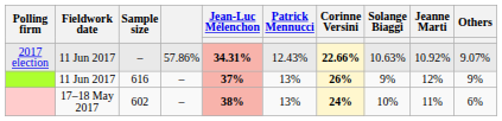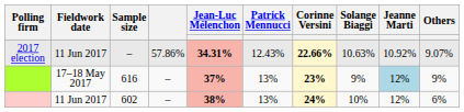 <table class="wikitable sortable" style="text-align:center;font-size:90%;line-height:14px;">
 <tr style="height:40px;">
 <th style="width:100px;" rowspan="2">Polling firm</th>
 <th style="width:110px;" rowspan="2">Fieldwork date</th>
 <th style="width:35px;" rowspan="2">Sample<br>size</th>
 <th style="width:30px;" rowspan="2"></th>
 <th class="unsortable" style="width:60px;"><a href='#'>Jean-Luc Mélenchon</a><br></th>
 <th class="unsortable" style="width:60px;"><a href='#'>Patrick Mennucci</a><br></th>
 <th class="unsortable" style="width:60px;">Corinne Versini<br></th>
 <th class="unsortable" style="width:60px;">Solange Biaggi<br></th>
 <th class="unsortable" style="width:60px;">Jeanne Marti<br></th>
 <th class="unsortable" style="width:60px;">Others</th>
 </tr>
 <tr>
 <th style="background:"></th>
 <th style="background:"></th>
 <th style="background:"></th>
 <th style="background:"></th>
 <th style="background:"></th>
 <th style="background:"></th>
 </tr>
 <tr style="background:#E9E9E9;">
 <td><a href='#'>2017 election</a></td>
 <td data-sort-value="2017-06-11">11 Jun 2017</td>
 <td>–</td>
 <td>57.86%</td>
 <td style="background:#F8B3AB;"><strong>34.31%</strong></td>
 <td>12.43%</td>
 <td style="background:#FFF7CE;"><strong>22.66%</strong></td>
 <td>10.63%</td>
 <td>10.92%</td>
 <td>9.07%</td>
 </tr>
 <tr>
 <td style="background:GreenYellow;"></td>
-<td data-sort-value="2017-06-11">11 Jun 2017</td>
+<td data-sort-value="2017-05-18">17–18 May 2017</td>
 <td>616</td>
 <td>–</td>
 <td style="background:#F8B3AB;"><strong>37%</strong></td>
 <td>13%</td>
-<td style="background:#FFF7CE;"><strong>26%</strong></td>
+<td style="background:#FFF7CE;"><strong>23%</strong></td>
 <td>9%</td>
-<td>12%</td>
+<td style="background: lightblue;">12%</td>
 <td>9%</td>
 </tr>
 <tr>
 <td style="background:#FFCCCC;"></td>
-<td data-sort-value="2017-05-18">17–18 May 2017</td>
+<td data-sort-value="2017-06-11">11 Jun 2017</td>
 <td>602</td>
 <td>–</td>
 <td style="background:#F8B3AB;"><strong>38%</strong></td>
 <td>13%</td>
 <td style="background:#FFF7CE;"><strong>24%</strong></td>
 <td>10%</td>
-<td>11%</td>
+<td>12%</td>
 <td>6%</td>
 </tr>
 </table>
